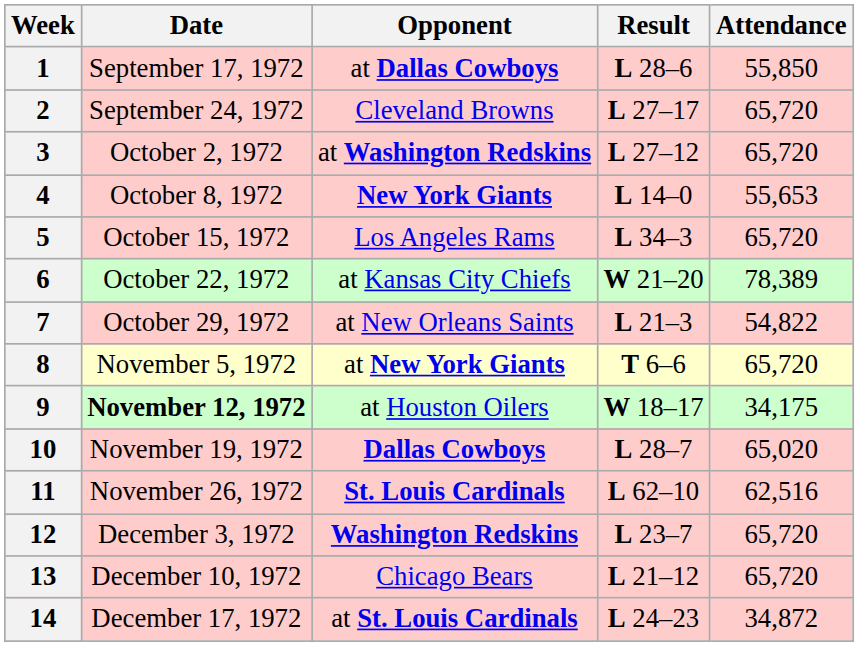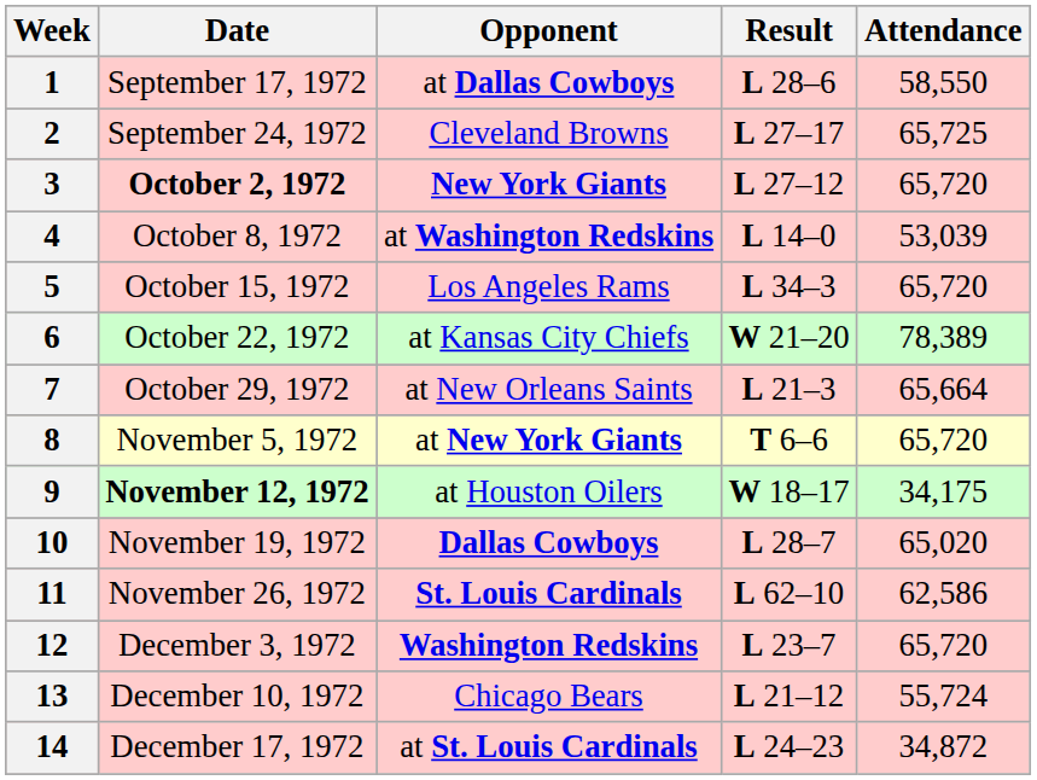 <table class="wikitable" style="text-align:center">
 <tr>
 <th>Week</th>
 <th>Date</th>
 <th>Opponent</th>
 <th>Result</th>
 <th>Attendance</th>
 </tr>
 <tr style="background: #fcc">
 <th>1</th>
 <td>September 17, 1972</td>
 <td>at <strong><a href='#'>Dallas Cowboys</a></strong></td>
 <td><strong>L</strong> 28–6</td>
-<td>55,850</td>
+<td>58,550</td>
 </tr>
 <tr style="background: #fcc">
 <th>2</th>
 <td>September 24, 1972</td>
 <td><a href='#'>Cleveland Browns</a></td>
 <td><strong>L</strong> 27–17</td>
-<td>65,720</td>
+<td>65,725</td>
 </tr>
 <tr style="background: #fcc">
 <th>3</th>
-<td>October 2, 1972</td>
-<td>at <strong><a href='#'>Washington Redskins</a></strong></td>
+<td><strong>October 2, 1972</strong></td>
+<td><strong><a href='#'>New York Giants</a></strong></td>
 <td><strong>L</strong> 27–12</td>
 <td>65,720</td>
 </tr>
 <tr style="background: #fcc">
 <th>4</th>
 <td>October 8, 1972</td>
-<td><strong><a href='#'>New York Giants</a></strong></td>
+<td>at <strong><a href='#'>Washington Redskins</a></strong></td>
 <td><strong>L</strong> 14–0</td>
-<td>55,653</td>
+<td>53,039</td>
 </tr>
 <tr style="background: #fcc">
 <th>5</th>
 <td>October 15, 1972</td>
 <td><a href='#'>Los Angeles Rams</a></td>
 <td><strong>L</strong> 34–3</td>
 <td>65,720</td>
 </tr>
 <tr style="background: #cfc">
 <th>6</th>
 <td>October 22, 1972</td>
 <td>at <a href='#'>Kansas City Chiefs</a></td>
 <td><strong>W</strong> 21–20</td>
 <td>78,389</td>
 </tr>
 <tr style="background: #fcc">
 <th>7</th>
 <td>October 29, 1972</td>
 <td>at <a href='#'>New Orleans Saints</a></td>
 <td><strong>L</strong> 21–3</td>
-<td>54,822</td>
+<td>65,664</td>
 </tr>
 <tr style="background: #ffc">
 <th>8</th>
 <td>November 5, 1972</td>
 <td>at <strong><a href='#'>New York Giants</a></strong></td>
 <td><strong>T</strong> 6–6</td>
 <td>65,720</td>
 </tr>
 <tr style="background: #cfc">
 <th>9</th>
 <td><strong>November 12, 1972</strong></td>
 <td>at <a href='#'>Houston Oilers</a></td>
 <td><strong>W</strong> 18–17</td>
 <td>34,175</td>
 </tr>
 <tr style="background: #fcc">
 <th>10</th>
 <td>November 19, 1972</td>
 <td><strong><a href='#'>Dallas Cowboys</a></strong></td>
 <td><strong>L</strong> 28–7</td>
 <td>65,020</td>
 </tr>
 <tr style="background: #fcc">
 <th>11</th>
 <td>November 26, 1972</td>
 <td><strong><a href='#'>St. Louis Cardinals</a></strong></td>
 <td><strong>L</strong> 62–10</td>
-<td>62,516</td>
+<td>62,586</td>
 </tr>
 <tr style="background: #fcc">
 <th>12</th>
 <td>December 3, 1972</td>
 <td><strong><a href='#'>Washington Redskins</a></strong></td>
 <td><strong>L</strong> 23–7</td>
 <td>65,720</td>
 </tr>
 <tr style="background: #fcc">
 <th>13</th>
 <td>December 10, 1972</td>
 <td><a href='#'>Chicago Bears</a></td>
 <td><strong>L</strong> 21–12</td>
-<td>65,720</td>
+<td>55,724</td>
 </tr>
 <tr style="background: #fcc">
 <th>14</th>
 <td>December 17, 1972</td>
 <td>at <strong><a href='#'>St. Louis Cardinals</a></strong></td>
 <td><strong>L</strong> 24–23</td>
 <td>34,872</td>
 </tr>
 </table>
